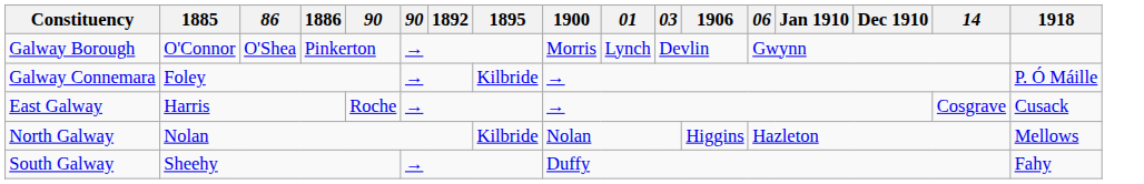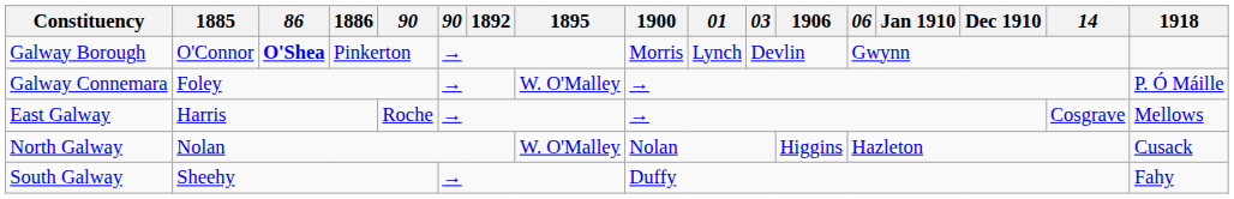 <table class="wikitable">
 <tr>
 <th>Constituency</th>
 <th>1885</th>
 <th><em>86</em></th>
 <th>1886</th>
 <th><em>90</em></th>
 <th><em>90</em></th>
 <th>1892</th>
 <th>1895</th>
 <th>1900</th>
 <th><em>01</em></th>
 <th><em>03</em></th>
 <th>1906</th>
 <th><em>06</em></th>
 <th>Jan 1910</th>
 <th>Dec 1910</th>
 <th><em>14</em></th>
 <th>1918</th>
 </tr>
 <tr>
 <td><a href='#'>Galway Borough</a></td>
 <td><a href='#'>O'Connor</a></td>
-<td><a href='#'>O'Shea</a></td>
+<td><strong><a href='#'>O'Shea</a></strong></td>
 <td colspan="2"><a href='#'>Pinkerton</a></td>
 <td colspan="3"><a href='#'>→</a></td>
 <td><a href='#'>Morris</a></td>
 <td><a href='#'>Lynch</a></td>
 <td colspan="2"><a href='#'>Devlin</a></td>
 <td colspan="4"><a href='#'>Gwynn</a></td>
 <td></td>
 </tr>
 <tr>
 <td><a href='#'>Galway Connemara</a></td>
 <td colspan="4"><a href='#'>Foley</a></td>
 <td colspan="2"><a href='#'>→</a></td>
-<td><a href='#'>Kilbride</a></td>
+<td><a href='#'>W. O'Malley</a></td>
 <td colspan="8"><a href='#'>→</a></td>
 <td><a href='#'>P. Ó Máille</a></td>
 </tr>
 <tr>
 <td><a href='#'>East Galway</a></td>
 <td colspan="3"><a href='#'>Harris</a></td>
 <td><a href='#'>Roche</a></td>
 <td colspan="3"><a href='#'>→</a></td>
 <td colspan="7"><a href='#'>→</a></td>
 <td><a href='#'>Cosgrave</a></td>
-<td><a href='#'>Cusack</a></td>
+<td><a href='#'>Mellows</a></td>
 </tr>
 <tr>
 <td><a href='#'>North Galway</a></td>
 <td colspan="6"><a href='#'>Nolan</a></td>
-<td><a href='#'>Kilbride</a></td>
+<td><a href='#'>W. O'Malley</a></td>
 <td colspan="3"><a href='#'>Nolan</a></td>
 <td><a href='#'>Higgins</a></td>
 <td colspan="4"><a href='#'>Hazleton</a></td>
-<td><a href='#'>Mellows</a></td>
+<td><a href='#'>Cusack</a></td>
 </tr>
 <tr>
 <td><a href='#'>South Galway</a></td>
 <td colspan="4"><a href='#'>Sheehy</a></td>
 <td colspan="3"><a href='#'>→</a></td>
 <td colspan="8"><a href='#'>Duffy</a></td>
 <td><a href='#'>Fahy</a></td>
 </tr>
 </table>
